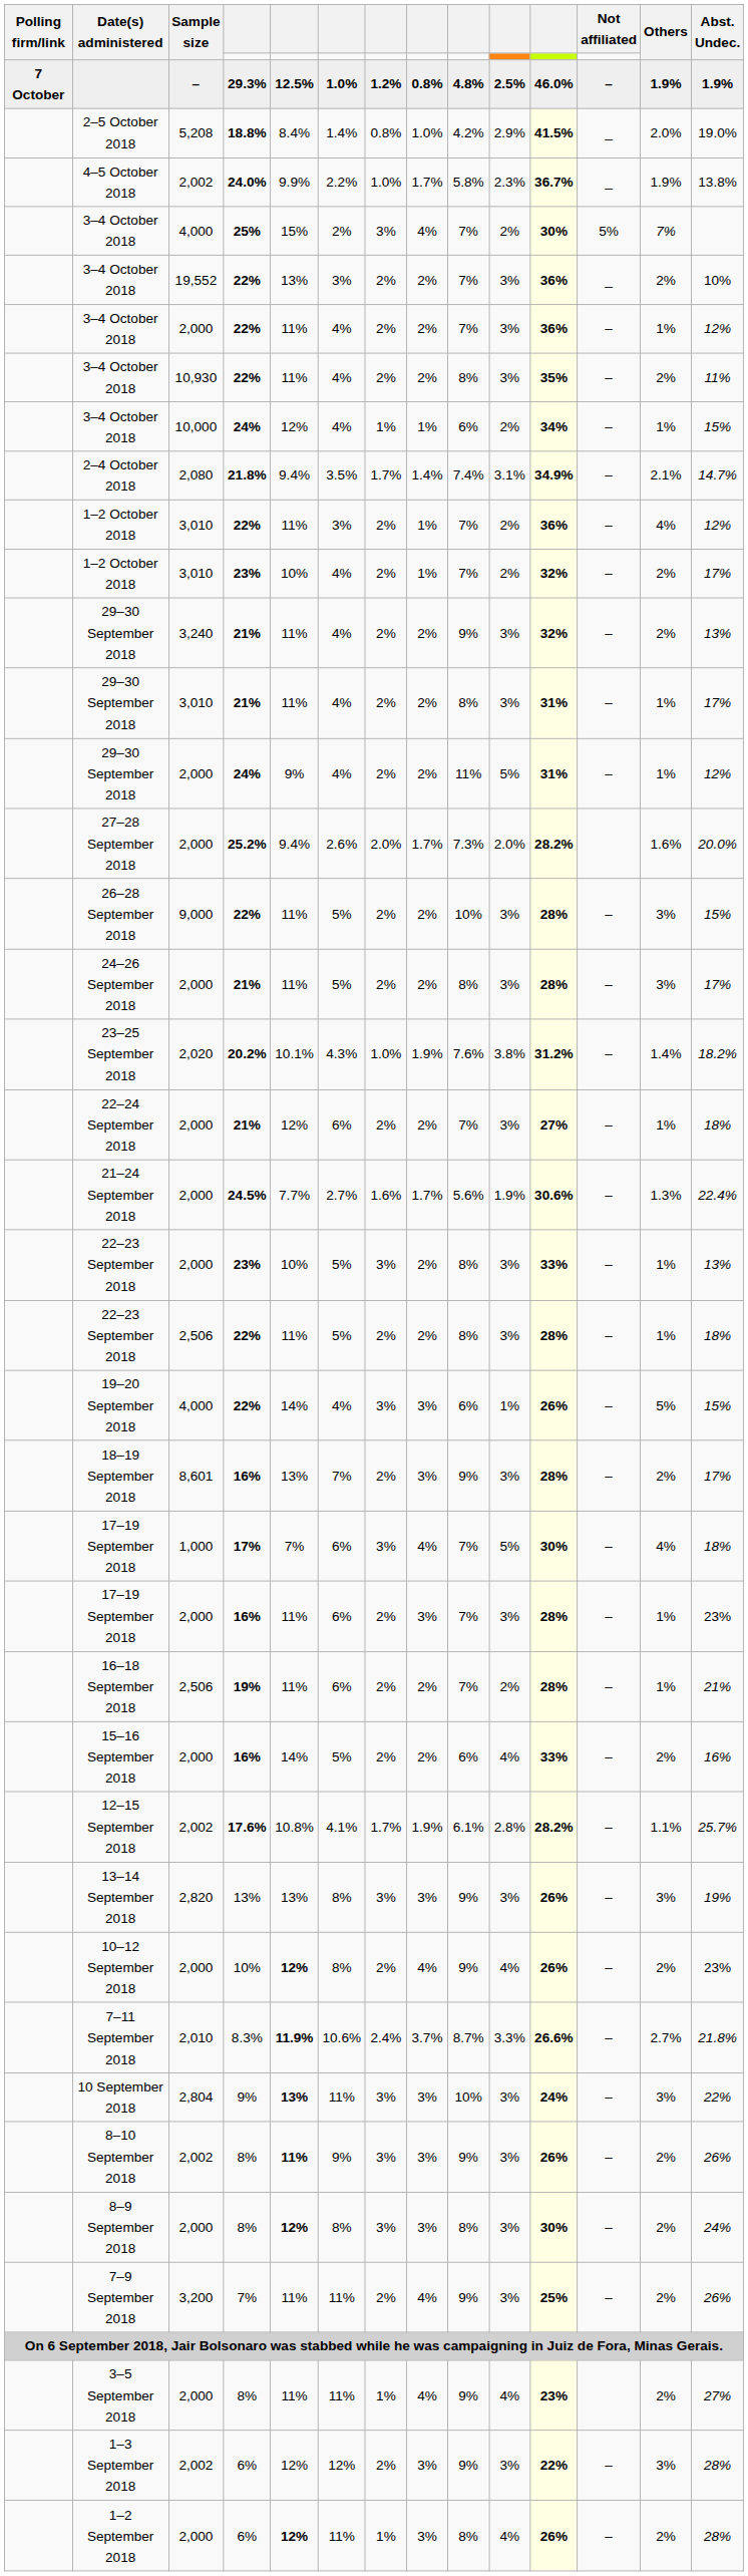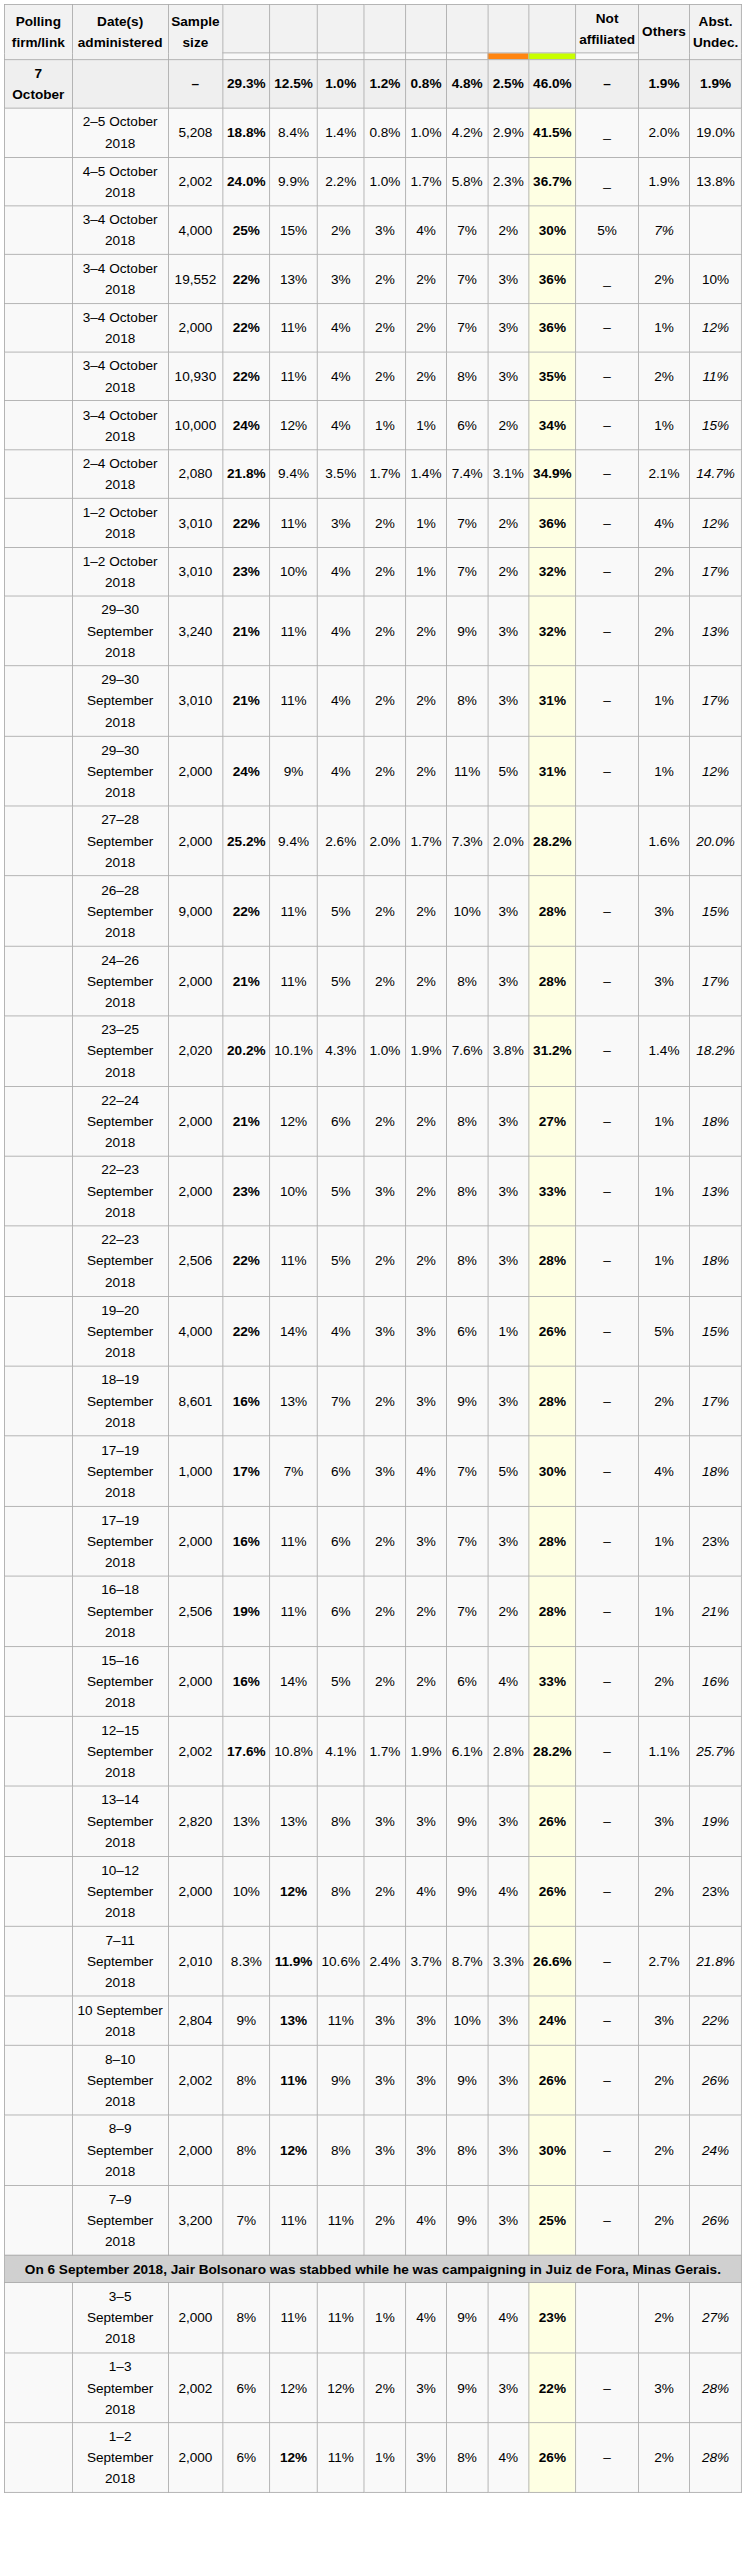 <table class="wikitable collapsible" style="text-align:center;font-size:100%;line-height:25px;">
 <tr style="height:42px;">
 <th style="width:115px;" rowspan="2">Polling firm/link</th>
 <th style="width:130px;" rowspan="2">Date(s)<br>administered</th>
 <th style="width:50px;" rowspan="2">Sample<br>size</th>
 <th style="width:60px;"><br></th>
 <th style="width:60px;"><br></th>
 <th style="width:60px;"><br></th>
 <th style="width:60px;"><br></th>
 <th style="width:60px;"><br></th>
 <th style="width:60px;"><br></th>
 <th style="width:60px;"><br></th>
 <th style="width:60px;"><br></th>
 <th style="width:60px;">Not<br>affiliated</th>
 <th rowspan="2" style="width:60px;">Others</th>
 <th rowspan="2">Abst.<br>Undec.</th>
 </tr>
 <tr>
 <td style="color:inherit;background:"></td>
 <td style="color:inherit;background:"></td>
 <td style="color:inherit;background:"></td>
 <td style="color:inherit;background:"></td>
 <td style="color:inherit;background:"></td>
 <td style="color:inherit;background:"></td>
 <td style="color:inherit;background:#FF8511"></td>
 <td style="color:inherit;background:#C8ff00;"></td>
 <td></td>
 </tr>
 <tr style="background:#EFEFEF; font-weight:bold;">
 <td data-sort-value="2018-10-06">7 October</td>
 <td></td>
 <td>–</td>
 <td>29.3%</td>
 <td>12.5%</td>
 <td>1.0%</td>
 <td>1.2%</td>
 <td>0.8%</td>
 <td>4.8%</td>
 <td>2.5%</td>
 <td>46.0%</td>
 <td>–</td>
 <td>1.9%</td>
 <td>1.9%</td>
 </tr>
 <tr>
 <td></td>
 <td>2–5 October 2018</td>
 <td>5,208</td>
 <td><strong>18.8%</strong></td>
 <td>8.4%</td>
 <td>1.4%</td>
 <td>0.8%</td>
 <td>1.0%</td>
 <td>4.2%</td>
 <td>2.9%</td>
 <td style="background:#FeFFE3"><strong>41.5%</strong></td>
 <td>_</td>
 <td>2.0%</td>
 <td>19.0%</td>
 </tr>
 <tr>
 <td></td>
 <td>4–5 October 2018</td>
 <td>2,002</td>
 <td><strong>24.0%</strong></td>
 <td>9.9%</td>
 <td>2.2%</td>
 <td>1.0%</td>
 <td>1.7%</td>
 <td>5.8%</td>
 <td>2.3%</td>
 <td style="background:#FeFFE3"><strong>36.7%</strong></td>
 <td>_</td>
 <td>1.9%</td>
 <td>13.8%</td>
 </tr>
 <tr>
 <td></td>
 <td>3–4 October 2018</td>
 <td>4,000</td>
 <td><strong>25%</strong></td>
 <td>15%</td>
 <td>2%</td>
 <td>3%</td>
 <td>4%</td>
 <td>7%</td>
 <td>2%</td>
 <td style="background:#FeFFE3"><strong>30%</strong></td>
 <td>5%</td>
 <td><em>7%</em></td>
 </tr>
 <tr>
 <td></td>
 <td>3–4 October 2018</td>
 <td>19,552</td>
 <td><strong>22%</strong></td>
 <td>13%</td>
 <td>3%</td>
 <td>2%</td>
 <td>2%</td>
 <td>7%</td>
 <td>3%</td>
 <td style="background:#FeFFE3"><strong>36%</strong></td>
 <td>_</td>
 <td>2%</td>
 <td>10%</td>
 </tr>
 <tr>
 <td></td>
 <td>3–4 October 2018</td>
 <td>2,000</td>
 <td><strong>22%</strong></td>
 <td>11%</td>
 <td>4%</td>
 <td>2%</td>
 <td>2%</td>
 <td>7%</td>
 <td>3%</td>
 <td style="background:#FeFFE3"><strong>36%</strong></td>
 <td>–</td>
 <td>1%</td>
 <td><em>12%</em></td>
 </tr>
 <tr>
 <td></td>
 <td>3–4 October 2018</td>
 <td>10,930</td>
 <td><strong>22%</strong></td>
 <td>11%</td>
 <td>4%</td>
 <td>2%</td>
 <td>2%</td>
 <td>8%</td>
 <td>3%</td>
 <td style="background:#FeFFE3"><strong>35%</strong></td>
 <td>–</td>
 <td>2%</td>
 <td><em>11%</em></td>
 </tr>
 <tr>
 <td></td>
 <td>3–4 October 2018</td>
 <td>10,000</td>
 <td><strong>24%</strong></td>
 <td>12%</td>
 <td>4%</td>
 <td>1%</td>
 <td>1%</td>
 <td>6%</td>
 <td>2%</td>
 <td style="background:#FeFFE3"><strong>34%</strong></td>
 <td>–</td>
 <td>1%</td>
 <td><em>15%</em></td>
 </tr>
 <tr>
 <td> </td>
 <td>2–4 October 2018</td>
 <td>2,080</td>
 <td><strong>21.8%</strong></td>
 <td>9.4%</td>
 <td>3.5%</td>
 <td>1.7%</td>
 <td>1.4%</td>
 <td>7.4%</td>
 <td>3.1%</td>
 <td style="background:#FeFFE3"><strong>34.9%</strong></td>
 <td>–</td>
 <td>2.1%</td>
 <td><em>14.7%</em></td>
 </tr>
 <tr>
 <td></td>
 <td>1–2 October 2018</td>
 <td>3,010</td>
 <td><strong>22%</strong></td>
 <td>11%</td>
 <td>3%</td>
 <td>2%</td>
 <td>1%</td>
 <td>7%</td>
 <td>2%</td>
 <td style="background:#FeFFE3"><strong>36%</strong></td>
 <td>–</td>
 <td>4%</td>
 <td><em>12%</em></td>
 </tr>
 <tr>
 <td></td>
 <td>1–2 October 2018</td>
 <td>3,010</td>
 <td><strong>23%</strong></td>
 <td>10%</td>
 <td>4%</td>
 <td>2%</td>
 <td>1%</td>
 <td>7%</td>
 <td>2%</td>
 <td style="background:#FeFFE3"><strong>32%</strong></td>
 <td>–</td>
 <td>2%</td>
 <td><em>17%</em></td>
 </tr>
 <tr>
 <td></td>
 <td>29–30 September 2018</td>
 <td>3,240</td>
 <td><strong>21%</strong></td>
 <td>11%</td>
 <td>4%</td>
 <td>2%</td>
 <td>2%</td>
 <td>9%</td>
 <td>3%</td>
 <td style="background:#FeFFE3"><strong>32%</strong></td>
 <td>–</td>
 <td>2%</td>
 <td><em>13%</em></td>
 </tr>
 <tr>
 <td></td>
 <td>29–30 September 2018</td>
 <td>3,010</td>
 <td><strong>21%</strong></td>
 <td>11%</td>
 <td>4%</td>
 <td>2%</td>
 <td>2%</td>
 <td>8%</td>
 <td>3%</td>
 <td style="background:#FeFFE3"><strong>31%</strong></td>
 <td>–</td>
 <td>1%</td>
 <td><em>17%</em></td>
 </tr>
 <tr>
 <td></td>
 <td>29–30 September 2018</td>
 <td>2,000</td>
 <td><strong>24%</strong></td>
 <td>9%</td>
 <td>4%</td>
 <td>2%</td>
 <td>2%</td>
 <td>11%</td>
 <td>5%</td>
 <td style="background:#FeFFE3"><strong>31%</strong></td>
 <td>–</td>
 <td>1%</td>
 <td><em>12%</em></td>
 </tr>
 <tr>
 <td> </td>
 <td>27–28 September 2018</td>
 <td>2,000</td>
 <td><strong>25.2%</strong></td>
 <td>9.4%</td>
 <td>2.6%</td>
 <td>2.0%</td>
 <td>1.7%</td>
 <td>7.3%</td>
 <td>2.0%</td>
 <td style="background:#FeFFE3"><strong>28.2%</strong></td>
 <td></td>
 <td>1.6%</td>
 <td><em>20.0%</em></td>
 </tr>
 <tr>
 <td></td>
 <td>26–28 September 2018</td>
 <td>9,000</td>
 <td><strong>22%</strong></td>
 <td>11%</td>
 <td>5%</td>
 <td>2%</td>
 <td>2%</td>
 <td>10%</td>
 <td>3%</td>
 <td style="background:#FeFFE3"><strong>28%</strong></td>
 <td>–</td>
 <td>3%</td>
 <td><em>15%</em></td>
 </tr>
 <tr>
 <td></td>
 <td>24–26 September 2018</td>
 <td>2,000</td>
 <td><strong>21%</strong></td>
 <td>11%</td>
 <td>5%</td>
 <td>2%</td>
 <td>2%</td>
 <td>8%</td>
 <td>3%</td>
 <td style="background:#FeFFE3"><strong>28%</strong></td>
 <td>–</td>
 <td>3%</td>
 <td><em>17%</em></td>
 </tr>
 <tr>
 <td></td>
 <td>23–25 September 2018</td>
 <td>2,020</td>
 <td><strong>20.2%</strong></td>
 <td>10.1%</td>
 <td>4.3%</td>
 <td>1.0%</td>
 <td>1.9%</td>
 <td>7.6%</td>
 <td>3.8%</td>
 <td style="background:#FeFFE3"><strong>31.2%</strong></td>
 <td>–</td>
 <td>1.4%</td>
 <td><em>18.2%</em></td>
 </tr>
 <tr>
 <td></td>
 <td>22–24 September 2018</td>
 <td>2,000</td>
 <td><strong>21%</strong></td>
 <td>12%</td>
 <td>6%</td>
 <td>2%</td>
 <td>2%</td>
-<td>7%</td>
+<td>8%</td>
 <td>3%</td>
 <td style="background:#FeFFE3"><strong>27%</strong></td>
 <td>–</td>
 <td>1%</td>
 <td><em>18%</em></td>
-</tr>
-<tr>
-<td></td>
-<td>21–24 September 2018</td>
-<td>2,000</td>
-<td><strong>24.5%</strong></td>
-<td>7.7%</td>
-<td>2.7%</td>
-<td>1.6%</td>
-<td>1.7%</td>
-<td>5.6%</td>
-<td>1.9%</td>
-<td style="background:#FeFFE3"><strong>30.6%</strong></td>
-<td>–</td>
-<td>1.3%</td>
-<td><em>22.4%</em></td>
 </tr>
 <tr>
 <td></td>
 <td>22–23 September 2018</td>
 <td>2,000</td>
 <td><strong>23%</strong></td>
 <td>10%</td>
 <td>5%</td>
 <td>3%</td>
 <td>2%</td>
 <td>8%</td>
 <td>3%</td>
 <td style="background:#FeFFE3"><strong>33%</strong></td>
 <td>–</td>
 <td>1%</td>
 <td><em>13%</em></td>
 </tr>
 <tr>
 <td></td>
 <td>22–23 September 2018</td>
 <td>2,506</td>
 <td><strong>22%</strong></td>
 <td>11%</td>
 <td>5%</td>
 <td>2%</td>
 <td>2%</td>
 <td>8%</td>
 <td>3%</td>
 <td style="background:#FeFFE3"><strong>28%</strong></td>
 <td>–</td>
 <td>1%</td>
 <td><em>18%</em></td>
 </tr>
 <tr>
 <td></td>
 <td>19–20 September 2018</td>
 <td>4,000</td>
 <td><strong>22%</strong></td>
 <td>14%</td>
 <td>4%</td>
 <td>3%</td>
 <td>3%</td>
 <td>6%</td>
 <td>1%</td>
 <td style="background:#FeFFE3"><strong>26%</strong></td>
 <td>–</td>
 <td>5%</td>
 <td><em>15%</em></td>
 </tr>
 <tr>
 <td></td>
 <td>18–19 September 2018</td>
 <td>8,601</td>
 <td><strong>16%</strong></td>
 <td>13%</td>
 <td>7%</td>
 <td>2%</td>
 <td>3%</td>
 <td>9%</td>
 <td>3%</td>
 <td style="background:#FeFFE3"><strong>28%</strong></td>
 <td>–</td>
 <td>2%</td>
 <td><em>17%</em></td>
 </tr>
 <tr>
 <td></td>
 <td>17–19 September 2018</td>
 <td>1,000</td>
 <td><strong>17%</strong></td>
 <td>7%</td>
 <td>6%</td>
 <td>3%</td>
 <td>4%</td>
 <td>7%</td>
 <td>5%</td>
 <td style="background:#FeFFE3"><strong>30%</strong></td>
 <td>–</td>
 <td>4%</td>
 <td><em>18%</em></td>
 </tr>
 <tr>
 <td></td>
 <td>17–19 September 2018</td>
 <td>2,000</td>
 <td><strong>16%</strong></td>
 <td>11%</td>
 <td>6%</td>
 <td>2%</td>
 <td>3%</td>
 <td>7%</td>
 <td>3%</td>
 <td style="background:#FeFFE3"><strong>28%</strong></td>
 <td>–</td>
 <td>1%</td>
 <td>23%</td>
 </tr>
 <tr>
 <td></td>
 <td>16–18 September 2018</td>
 <td>2,506</td>
 <td><strong>19%</strong></td>
 <td>11%</td>
 <td>6%</td>
 <td>2%</td>
 <td>2%</td>
 <td>7%</td>
 <td>2%</td>
 <td style="background:#FeFFE3"><strong>28%</strong></td>
 <td>–</td>
 <td>1%</td>
 <td><em>21%</em></td>
 </tr>
 <tr>
 <td></td>
 <td>15–16 September 2018</td>
 <td>2,000</td>
 <td><strong>16%</strong></td>
 <td>14%</td>
 <td>5%</td>
 <td>2%</td>
 <td>2%</td>
 <td>6%</td>
 <td>4%</td>
 <td style="background:#FeFFE3"><strong>33%</strong></td>
 <td>–</td>
 <td>2%</td>
 <td><em>16%</em></td>
 </tr>
 <tr>
 <td></td>
 <td>12–15 September 2018</td>
 <td>2,002</td>
 <td><strong>17.6%</strong></td>
 <td>10.8%</td>
 <td>4.1%</td>
 <td>1.7%</td>
 <td>1.9%</td>
 <td>6.1%</td>
 <td>2.8%</td>
 <td style="background:#FeFFE3"><strong>28.2%</strong></td>
 <td>–</td>
 <td>1.1%</td>
 <td><em>25.7%</em></td>
 </tr>
 <tr>
 <td></td>
 <td>13–14 September 2018</td>
 <td>2,820</td>
 <td>13%</td>
 <td>13%</td>
 <td>8%</td>
 <td>3%</td>
 <td>3%</td>
 <td>9%</td>
 <td>3%</td>
 <td style="background:#FeFFE3"><strong>26%</strong></td>
 <td>–</td>
 <td>3%</td>
 <td><em>19%</em></td>
 </tr>
 <tr>
 <td></td>
 <td>10–12 September 2018</td>
 <td>2,000</td>
 <td>10%</td>
 <td><strong>12%</strong></td>
 <td>8%</td>
 <td>2%</td>
 <td>4%</td>
 <td>9%</td>
 <td>4%</td>
 <td style="background:#FeFFE3"><strong>26%</strong></td>
 <td>–</td>
 <td>2%</td>
 <td>23%</td>
 </tr>
 <tr>
 <td></td>
 <td>7–11 September 2018</td>
 <td>2,010</td>
 <td>8.3%</td>
 <td><strong>11.9%</strong></td>
 <td>10.6%</td>
 <td>2.4%</td>
 <td>3.7%</td>
 <td>8.7%</td>
 <td>3.3%</td>
 <td style="background:#FeFFE3"><strong>26.6%</strong></td>
 <td>–</td>
 <td>2.7%</td>
 <td><em>21.8%</em></td>
 </tr>
 <tr>
 <td></td>
 <td>10 September 2018</td>
 <td>2,804</td>
 <td>9%</td>
 <td><strong>13%</strong></td>
 <td>11%</td>
 <td>3%</td>
 <td>3%</td>
 <td>10%</td>
 <td>3%</td>
 <td style="background:#FeFFE3"><strong>24%</strong></td>
 <td>–</td>
 <td>3%</td>
 <td><em>22%</em></td>
 </tr>
 <tr>
 <td></td>
 <td>8–10 September 2018</td>
 <td>2,002</td>
 <td>8%</td>
 <td><strong>11%</strong></td>
 <td>9%</td>
 <td>3%</td>
 <td>3%</td>
 <td>9%</td>
 <td>3%</td>
 <td style="background:#FeFFE3"><strong>26%</strong></td>
 <td>–</td>
 <td>2%</td>
 <td><em>26%</em></td>
 </tr>
 <tr>
 <td></td>
 <td>8–9 September  2018</td>
 <td>2,000</td>
 <td>8%</td>
 <td><strong>12%</strong></td>
 <td>8%</td>
 <td>3%</td>
 <td>3%</td>
 <td>8%</td>
 <td>3%</td>
 <td style="background:#FeFFE3"><strong>30%</strong></td>
 <td>–</td>
 <td>2%</td>
 <td><em>24%</em></td>
 </tr>
 <tr>
 <td></td>
 <td>7–9 September 2018</td>
 <td>3,200</td>
 <td>7%</td>
 <td>11%</td>
 <td>11%</td>
 <td>2%</td>
 <td>4%</td>
 <td>9%</td>
 <td>3%</td>
 <td style="background:#FeFFE3"><strong>25%</strong></td>
 <td>–</td>
 <td>2%</td>
 <td><em>26%</em></td>
 </tr>
 <tr>
 <td colspan="14" style="background:#D0D0D0; color:black"><strong>On 6 September  2018, Jair Bolsonaro was stabbed while he was campaigning in Juiz de Fora, Minas Gerais.</strong></td>
 </tr>
 <tr>
 <td></td>
 <td>3–5 September 2018</td>
 <td>2,000</td>
 <td>8%</td>
 <td>11%</td>
 <td>11%</td>
 <td>1%</td>
 <td>4%</td>
 <td>9%</td>
 <td>4%</td>
 <td style="background:#FeFFE3"><strong>23%</strong></td>
 <td></td>
 <td>2%</td>
 <td><em>27%</em></td>
 </tr>
 <tr>
 <td></td>
 <td>1–3 September  2018</td>
 <td>2,002</td>
 <td>6%</td>
 <td>12%</td>
 <td>12%</td>
 <td>2%</td>
 <td>3%</td>
 <td>9%</td>
 <td>3%</td>
 <td style="background:#FeFFE3"><strong>22%</strong></td>
 <td>–</td>
 <td>3%</td>
 <td><em>28%</em></td>
 </tr>
 <tr>
 <td rowspan="2"></td>
 <td rowspan="2">1–2 September 2018</td>
 <td rowspan="2">2,000</td>
 <td>6%</td>
 <td><strong>12%</strong></td>
 <td>11%</td>
 <td>1%</td>
 <td>3%</td>
 <td>8%</td>
 <td>4%</td>
 <td style="background:#FeFFE3"><strong>26%</strong></td>
 <td>–</td>
 <td>2%</td>
 <td><em>28%</em></td>
 </tr>
 </table>
